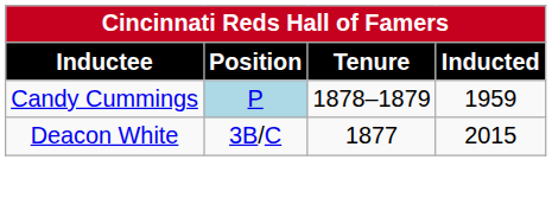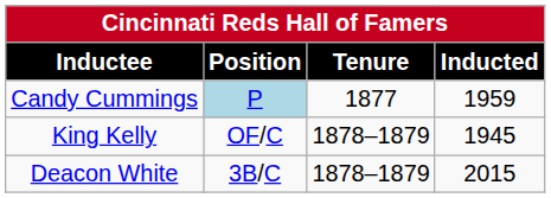 <table class="wikitable" style="text-align:center">
 <tr>
 <th colspan=4 style="background:#c6011f; color:white;">Cincinnati Reds Hall of Famers</th>
 </tr>
 <tr>
 <th style="background:black; color:white;">Inductee</th>
 <th style="background:black; color:white;">Position</th>
 <th style="background:black; color:white;">Tenure</th>
 <th style="background:black; color:white;">Inducted</th>
 </tr>
 <tr>
 <td><a href='#'>Candy Cummings</a></td>
 <td style="background: lightblue;"><a href='#'>P</a></td>
+<td>1877</td>
+<td>1959</td>
+</tr>
+<tr>
+<td><a href='#'>King Kelly</a></td>
+<td><a href='#'>OF</a>/<a href='#'>C</a></td>
 <td>1878–1879</td>
-<td>1959</td>
+<td>1945</td>
 </tr>
 <tr>
 <td><a href='#'>Deacon White</a></td>
 <td><a href='#'>3B</a>/<a href='#'>C</a></td>
-<td>1877</td>
+<td>1878–1879</td>
 <td>2015</td>
 </tr>
 </table>
